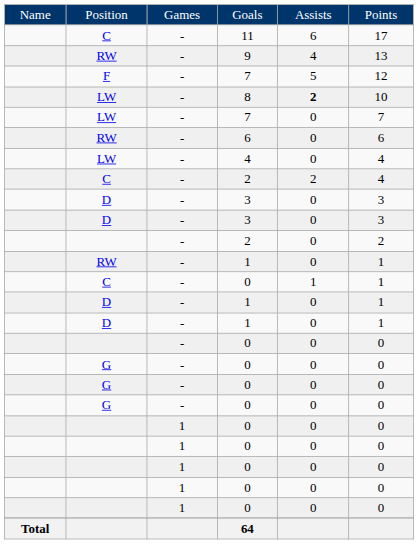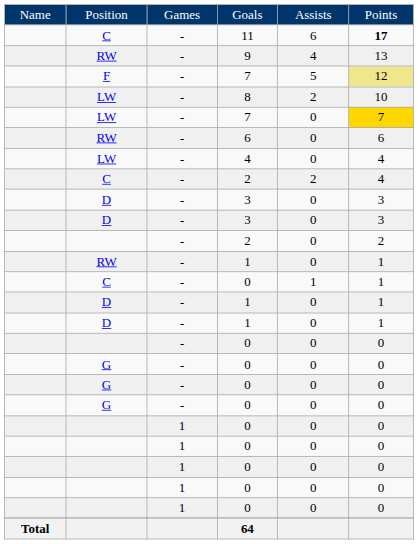 <table class="wikitable sortable" width ="40%">
 <tr align="center">
 <td style="color:white; background:#00356B">Name</td>
 <td style="color:white; background:#00356B">Position</td>
 <td style="color:white; background:#00356B">Games</td>
 <td style="color:white; background:#00356B">Goals</td>
 <td style="color:white; background:#00356B">Assists</td>
 <td style="color:white; background:#00356B">Points</td>
 </tr>
 <tr align="center">
 <td></td>
 <td><a href='#'>C</a></td>
 <td>-</td>
 <td>11</td>
 <td>6</td>
-<td>17</td>
+<td><strong>17</strong></td>
 </tr>
 <tr align="center" bgcolor="f0f0f0">
 <td></td>
 <td><a href='#'>RW</a></td>
 <td>-</td>
 <td>9</td>
 <td>4</td>
 <td>13</td>
 </tr>
 <tr align="center">
 <td></td>
 <td><a href='#'>F</a></td>
 <td>-</td>
 <td>7</td>
 <td>5</td>
-<td>12</td>
+<td style="background: khaki;">12</td>
 </tr>
 <tr align="center" bgcolor="f0f0f0">
 <td></td>
 <td><a href='#'>LW</a></td>
 <td>-</td>
 <td>8</td>
-<td><strong>2</strong></td>
+<td>2</td>
 <td>10</td>
 </tr>
 <tr align="center">
 <td></td>
 <td><a href='#'>LW</a></td>
 <td>-</td>
 <td>7</td>
 <td>0</td>
-<td>7</td>
+<td style="background: gold;">7</td>
 </tr>
 <tr align="center" bgcolor="f0f0f0">
 <td></td>
 <td><a href='#'>RW</a></td>
 <td>-</td>
 <td>6</td>
 <td>0</td>
 <td>6</td>
 </tr>
 <tr align="center">
 <td></td>
 <td><a href='#'>LW</a></td>
 <td>-</td>
 <td>4</td>
 <td>0</td>
 <td>4</td>
 </tr>
 <tr align="center" bgcolor="f0f0f0">
 <td></td>
 <td><a href='#'>C</a></td>
 <td>-</td>
 <td>2</td>
 <td>2</td>
 <td>4</td>
 </tr>
 <tr align="center">
 <td></td>
 <td><a href='#'>D</a></td>
 <td>-</td>
 <td>3</td>
 <td>0</td>
 <td>3</td>
 </tr>
 <tr align="center" bgcolor="f0f0f0">
 <td></td>
 <td><a href='#'>D</a></td>
 <td>-</td>
 <td>3</td>
 <td>0</td>
 <td>3</td>
 </tr>
 <tr align="center">
 <td></td>
 <td></td>
 <td>-</td>
 <td>2</td>
 <td>0</td>
 <td>2</td>
 </tr>
 <tr align="center" bgcolor="f0f0f0">
 <td></td>
 <td><a href='#'>RW</a></td>
 <td>-</td>
 <td>1</td>
 <td>0</td>
 <td>1</td>
 </tr>
 <tr align="center">
 <td></td>
 <td><a href='#'>C</a></td>
 <td>-</td>
 <td>0</td>
 <td>1</td>
 <td>1</td>
 </tr>
 <tr align="center"bgcolor="f0f0f0">
 <td></td>
 <td><a href='#'>D</a></td>
 <td>-</td>
 <td>1</td>
 <td>0</td>
 <td>1</td>
 </tr>
 <tr align="center">
 <td></td>
 <td><a href='#'>D</a></td>
 <td>-</td>
 <td>1</td>
 <td>0</td>
 <td>1</td>
 </tr>
 <tr align="center" bgcolor="f0f0f0">
 <td></td>
 <td></td>
 <td>-</td>
 <td>0</td>
 <td>0</td>
 <td>0</td>
 </tr>
 <tr align="center">
 <td></td>
 <td><a href='#'>G</a></td>
 <td>-</td>
 <td>0</td>
 <td>0</td>
 <td>0</td>
 </tr>
 <tr align="center"bgcolor="f0f0f0">
 <td></td>
 <td><a href='#'>G</a></td>
 <td>-</td>
 <td>0</td>
 <td>0</td>
 <td>0</td>
 </tr>
 <tr align="center">
 <td></td>
 <td><a href='#'>G</a></td>
 <td>-</td>
 <td>0</td>
 <td>0</td>
 <td>0</td>
 </tr>
 <tr align="center" bgcolor="f0f0f0">
 <td></td>
 <td></td>
 <td>1</td>
 <td>0</td>
 <td>0</td>
 <td>0</td>
 </tr>
 <tr align="center" bgcolor="">
 <td></td>
 <td></td>
 <td>1</td>
 <td>0</td>
 <td>0</td>
 <td>0</td>
 </tr>
 <tr align="center" bgcolor="f0f0f0">
 <td></td>
 <td></td>
 <td>1</td>
 <td>0</td>
 <td>0</td>
 <td>0</td>
 </tr>
 <tr align="center" bgcolor="">
 <td></td>
 <td></td>
 <td>1</td>
 <td>0</td>
 <td>0</td>
 <td>0</td>
 </tr>
 <tr align="center" bgcolor="f0f0f0">
 <td></td>
 <td></td>
 <td>1</td>
 <td>0</td>
 <td>0</td>
 <td>0</td>
 </tr>
 <tr align="center">
 </tr>
 <tr>
 <th>Total</th>
 <th></th>
 <th></th>
 <th>64</th>
 <th></th>
 <th></th>
 </tr>
 </table>
